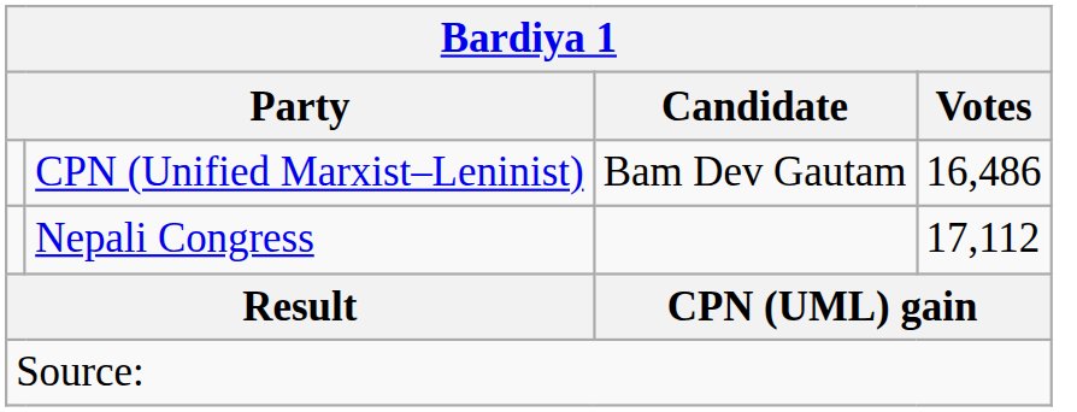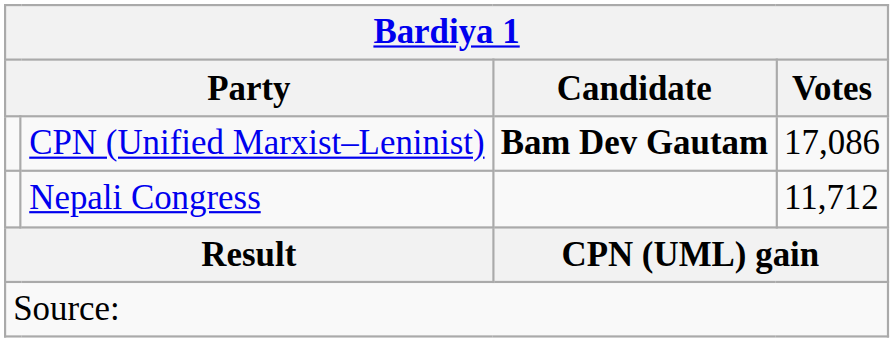 <table class="wikitable">
 <tr>
 <th colspan="4"><a href='#'>Bardiya 1</a></th>
 </tr>
 <tr>
 <th colspan="2">Party</th>
 <th>Candidate</th>
 <th>Votes</th>
 </tr>
 <tr>
 <td style="background-color:"></td>
 <td><a href='#'>CPN (Unified Marxist–Leninist)</a></td>
-<td>Bam Dev Gautam</td>
-<td>16,486</td>
+<td><strong>Bam Dev Gautam</strong></td>
+<td>17,086</td>
 </tr>
 <tr>
 <td style="background-color:"></td>
 <td><a href='#'>Nepali Congress</a></td>
 <td></td>
-<td>17,112</td>
+<td>11,712</td>
 </tr>
 <tr>
 <th colspan="2">Result</th>
 <th colspan="2">CPN (UML) gain</th>
 </tr>
 <tr>
 <td colspan="4">Source: </td>
 </tr>
 </table>
